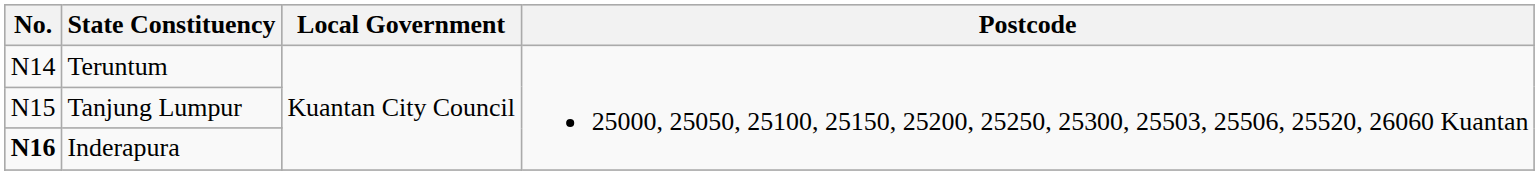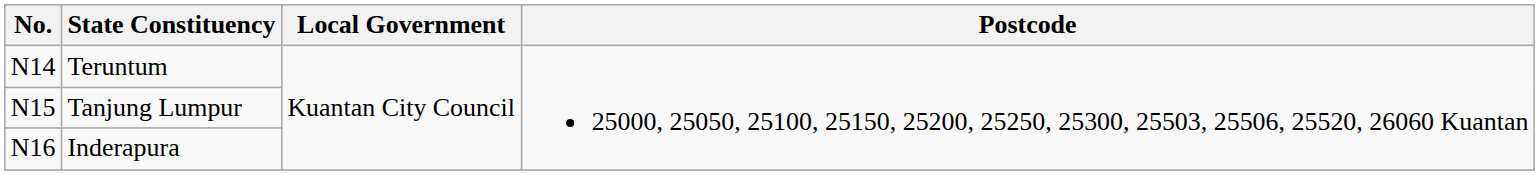 <table class="wikitable">
 <tr>
 <th>No.</th>
 <th>State Constituency</th>
 <th>Local Government</th>
 <th>Postcode</th>
 </tr>
 <tr>
 <td>N14</td>
 <td>Teruntum</td>
 <td rowspan="3">Kuantan City Council</td>
 <td rowspan="3"><br><ul><li>25000, 25050, 25100, 25150, 25200, 25250, 25300, 25503, 25506, 25520, 26060 Kuantan</li></ul></td>
 </tr>
 <tr>
 <td>N15</td>
 <td>Tanjung Lumpur</td>
 </tr>
 <tr>
-<td><strong>N16</strong></td>
+<td>N16</td>
 <td>Inderapura</td>
 </tr>
 </table>
